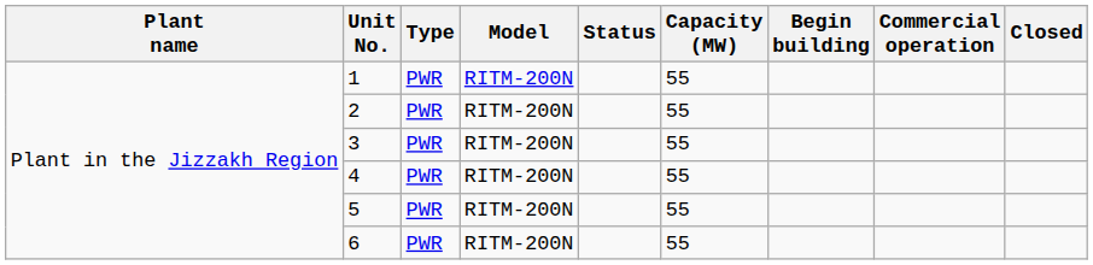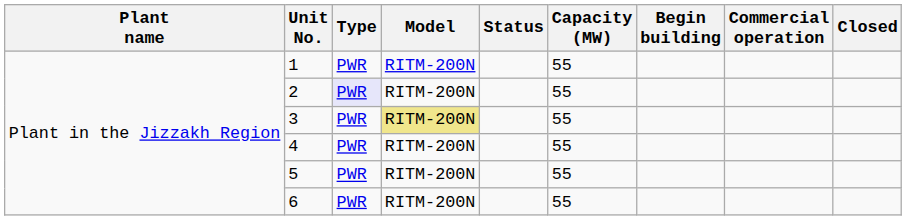 <table class="wikitable sortable mw-datatable">
 <tr>
 <th>Plant<br>name</th>
 <th>Unit<br>No.</th>
 <th>Type</th>
 <th>Model</th>
 <th>Status</th>
 <th>Capacity<br>(MW)</th>
 <th>Begin<br>building</th>
 <th>Commercial<br>operation</th>
 <th>Closed</th>
 </tr>
 <tr>
 <td rowspan="6">Plant in the <a href='#'>Jizzakh Region</a></td>
 <td>1</td>
 <td><a href='#'>PWR</a></td>
 <td><a href='#'>RITM-200N</a></td>
 <td></td>
 <td>55</td>
 <td></td>
 <td></td>
 <td></td>
 </tr>
 <tr>
 <td>2</td>
-<td><a href='#'>PWR</a></td>
+<td style="background: lavender;"><a href='#'>PWR</a></td>
 <td>RITM-200N</td>
 <td></td>
 <td>55</td>
 <td></td>
 <td></td>
 <td></td>
 </tr>
 <tr>
 <td>3</td>
 <td><a href='#'>PWR</a></td>
-<td>RITM-200N</td>
+<td style="background: khaki;">RITM-200N</td>
 <td></td>
 <td>55</td>
 <td></td>
 <td></td>
 <td></td>
 </tr>
 <tr>
 <td>4</td>
 <td><a href='#'>PWR</a></td>
 <td>RITM-200N</td>
 <td></td>
 <td>55</td>
 <td></td>
 <td></td>
 <td></td>
 </tr>
 <tr>
 <td>5</td>
 <td><a href='#'>PWR</a></td>
 <td>RITM-200N</td>
 <td></td>
 <td>55</td>
 <td></td>
 <td></td>
 <td></td>
 </tr>
 <tr>
 <td>6</td>
 <td><a href='#'>PWR</a></td>
 <td>RITM-200N</td>
 <td></td>
 <td>55</td>
 <td></td>
 <td></td>
 <td></td>
 </tr>
 </table>
